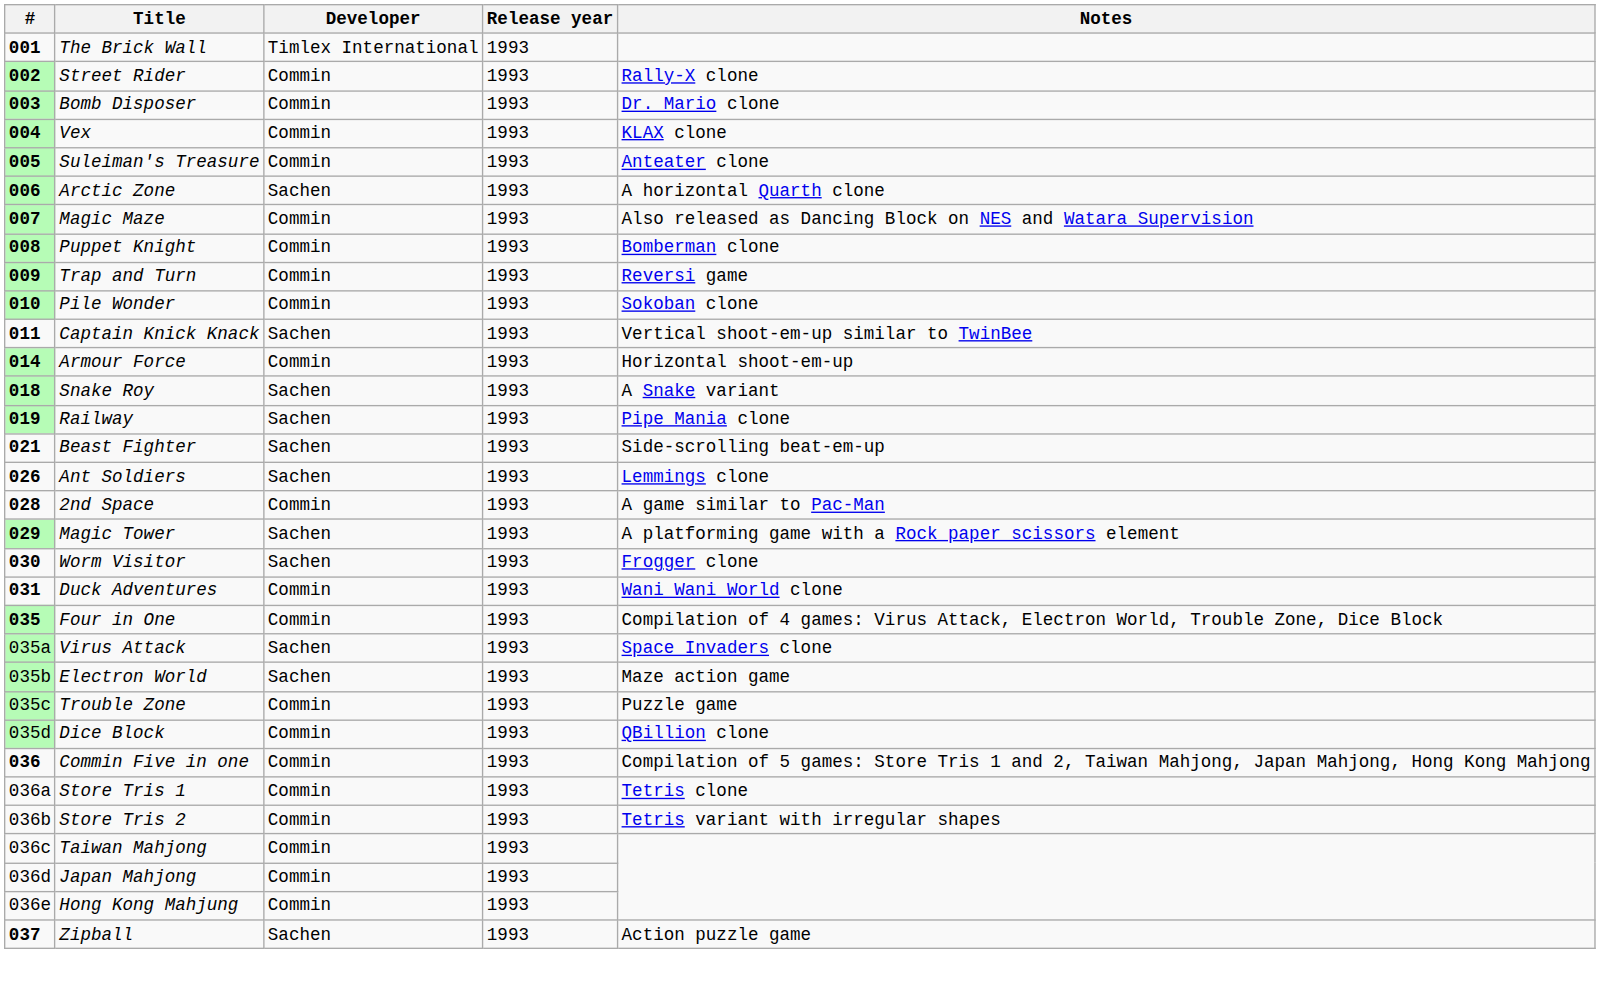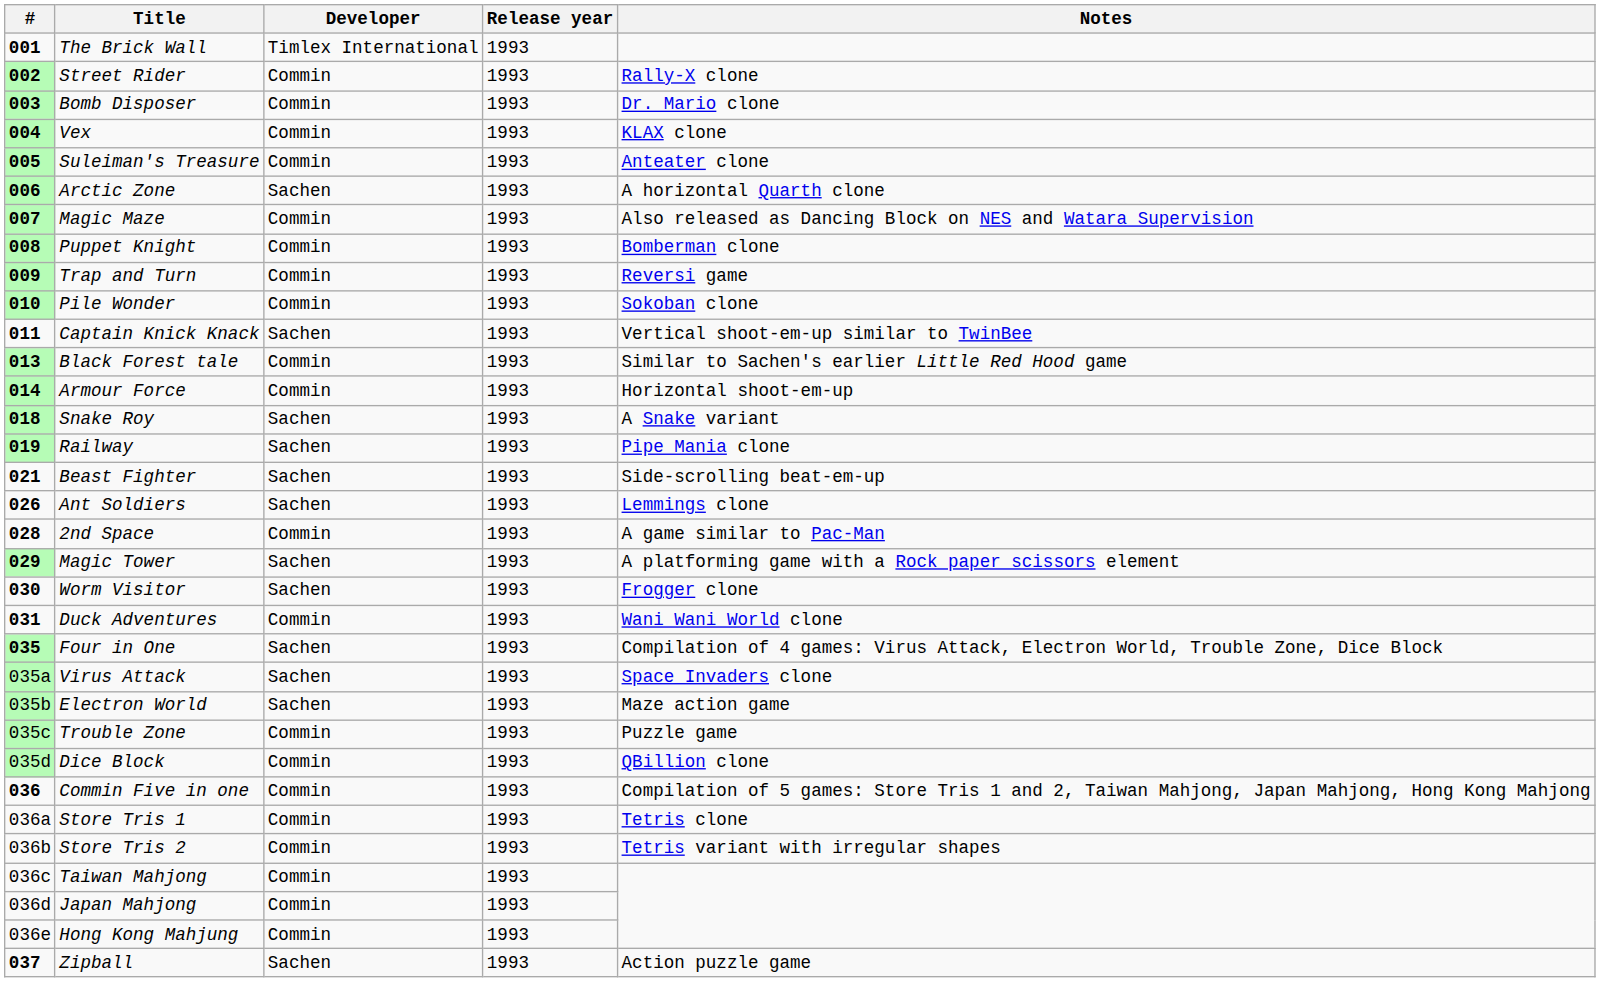 <table class="wikitable sortable" border="1">
 <tr>
 <th scope="col">#</th>
 <th scope="col">Title</th>
 <th scope="col">Developer</th>
 <th scope="col">Release year</th>
 <th scope="col">Notes</th>
 </tr>
 <tr>
 <td><strong>001</strong></td>
 <td><em>The Brick Wall</em></td>
 <td>Timlex International</td>
 <td>1993</td>
 </tr>
 <tr>
 <td style="background:#b6fcb6;"><strong>002</strong></td>
 <td><em>Street Rider</em></td>
 <td>Commin</td>
 <td>1993</td>
 <td><a href='#'>Rally-X</a> clone</td>
 </tr>
 <tr>
 <td style="background:#b6fcb6;"><strong>003</strong></td>
 <td><em>Bomb Disposer</em></td>
 <td>Commin</td>
 <td>1993</td>
 <td><a href='#'>Dr. Mario</a> clone</td>
 </tr>
 <tr>
 <td style="background:#b6fcb6;"><strong>004</strong></td>
 <td><em>Vex</em></td>
 <td>Commin</td>
 <td>1993</td>
 <td><a href='#'>KLAX</a> clone</td>
 </tr>
 <tr>
 <td style="background:#b6fcb6;"><strong>005</strong></td>
 <td><em>Suleiman's Treasure</em></td>
 <td>Commin</td>
 <td>1993</td>
 <td><a href='#'>Anteater</a> clone</td>
 </tr>
 <tr>
 <td style="background:#b6fcb6;"><strong>006</strong></td>
 <td><em>Arctic Zone</em></td>
 <td>Sachen</td>
 <td>1993</td>
 <td>A horizontal <a href='#'>Quarth</a> clone</td>
 </tr>
 <tr>
 <td style="background:#b6fcb6;"><strong>007</strong></td>
 <td><em>Magic Maze</em></td>
 <td>Commin</td>
 <td>1993</td>
 <td>Also released as Dancing Block on <a href='#'>NES</a> and <a href='#'>Watara Supervision</a></td>
 </tr>
 <tr>
 <td style="background:#b6fcb6;"><strong>008</strong></td>
 <td><em>Puppet Knight</em></td>
 <td>Commin</td>
 <td>1993</td>
 <td><a href='#'>Bomberman</a> clone</td>
 </tr>
 <tr>
 <td style="background:#b6fcb6;"><strong>009</strong></td>
 <td><em>Trap and Turn</em></td>
 <td>Commin</td>
 <td>1993</td>
 <td><a href='#'>Reversi</a> game</td>
 </tr>
 <tr>
 <td style="background:#b6fcb6;"><strong>010</strong></td>
 <td><em>Pile Wonder</em></td>
 <td>Commin</td>
 <td>1993</td>
 <td><a href='#'>Sokoban</a> clone</td>
 </tr>
 <tr>
 <td><strong>011</strong></td>
 <td><em>Captain Knick Knack</em></td>
 <td>Sachen</td>
 <td>1993</td>
 <td>Vertical shoot-em-up similar to <a href='#'>TwinBee</a></td>
 </tr>
 <tr>
+<td style="background:#b6fcb6;"><strong>013</strong></td>
+<td><em>Black Forest tale</em></td>
+<td>Commin</td>
+<td>1993</td>
+<td>Similar to Sachen's earlier <em>Little Red Hood</em> game</td>
+</tr>
+<tr>
 <td style="background:#b6fcb6;"><strong>014</strong></td>
 <td><em>Armour Force</em></td>
 <td>Commin</td>
 <td>1993</td>
 <td>Horizontal shoot-em-up</td>
 </tr>
 <tr>
 <td style="background:#b6fcb6;"><strong>018</strong></td>
 <td><em>Snake Roy</em></td>
 <td>Sachen</td>
 <td>1993</td>
 <td>A <a href='#'>Snake</a> variant</td>
 </tr>
 <tr>
 <td style="background:#b6fcb6;"><strong>019</strong></td>
 <td><em>Railway</em></td>
 <td>Sachen</td>
 <td>1993</td>
 <td><a href='#'>Pipe Mania</a> clone</td>
 </tr>
 <tr>
 <td><strong>021</strong></td>
 <td><em>Beast Fighter</em></td>
 <td>Sachen</td>
 <td>1993</td>
 <td>Side-scrolling beat-em-up</td>
 </tr>
 <tr>
 <td><strong>026</strong></td>
 <td><em>Ant Soldiers</em></td>
 <td>Sachen</td>
 <td>1993</td>
 <td><a href='#'>Lemmings</a> clone</td>
 </tr>
 <tr>
 <td><strong>028</strong></td>
 <td><em>2nd Space</em></td>
 <td>Commin</td>
 <td>1993</td>
 <td>A game similar to <a href='#'>Pac-Man</a></td>
 </tr>
 <tr>
 <td style="background:#b6fcb6;"><strong>029</strong></td>
 <td><em>Magic Tower</em></td>
 <td>Sachen</td>
 <td>1993</td>
 <td>A platforming game with a <a href='#'>Rock paper scissors</a> element</td>
 </tr>
 <tr>
 <td><strong>030</strong></td>
 <td><em>Worm Visitor</em></td>
 <td>Sachen</td>
 <td>1993</td>
 <td><a href='#'>Frogger</a> clone</td>
 </tr>
 <tr>
 <td><strong>031</strong></td>
 <td><em>Duck Adventures</em></td>
 <td>Commin</td>
 <td>1993</td>
 <td><a href='#'>Wani Wani World</a> clone</td>
 </tr>
 <tr>
 <td style="background:#b6fcb6;"><strong>035</strong></td>
 <td><em>Four in One</em></td>
-<td>Commin</td>
+<td>Sachen</td>
 <td>1993</td>
 <td>Compilation of 4 games: Virus Attack, Electron World, Trouble Zone, Dice Block</td>
 </tr>
 <tr>
 <td style="background:#b6fcb6;">035a</td>
 <td><em>Virus Attack</em></td>
 <td>Sachen</td>
 <td>1993</td>
 <td><a href='#'>Space Invaders</a> clone</td>
 </tr>
 <tr>
 <td style="background:#b6fcb6;">035b</td>
 <td><em> Electron World</em></td>
 <td>Sachen</td>
 <td>1993</td>
 <td>Maze action game</td>
 </tr>
 <tr>
 <td style="background:#b6fcb6;">035c</td>
 <td><em>Trouble Zone</em></td>
 <td>Commin</td>
 <td>1993</td>
 <td>Puzzle game</td>
 </tr>
 <tr>
 <td style="background:#b6fcb6;">035d</td>
 <td><em>Dice Block</em></td>
 <td>Commin</td>
 <td>1993</td>
 <td><a href='#'>QBillion</a> clone</td>
 </tr>
 <tr>
 <td><strong>036</strong></td>
 <td><em>Commin Five in one</em></td>
 <td>Commin</td>
 <td>1993</td>
 <td>Compilation of 5 games: Store Tris 1 and 2, Taiwan Mahjong, Japan Mahjong, Hong Kong Mahjong</td>
 </tr>
 <tr>
 <td>036a</td>
 <td><em>Store Tris 1</em></td>
 <td>Commin</td>
 <td>1993</td>
 <td><a href='#'>Tetris</a> clone</td>
 </tr>
 <tr>
 <td>036b</td>
 <td><em>Store Tris 2</em></td>
 <td>Commin</td>
 <td>1993</td>
 <td><a href='#'>Tetris</a> variant with irregular shapes</td>
 </tr>
 <tr>
 <td>036c</td>
 <td><em>Taiwan Mahjong</em></td>
 <td>Commin</td>
 <td>1993</td>
 </tr>
 <tr>
 <td>036d</td>
 <td><em>Japan Mahjong</em></td>
 <td>Commin</td>
 <td>1993</td>
 </tr>
 <tr>
 <td>036e</td>
 <td><em>Hong Kong Mahjung</em></td>
 <td>Commin</td>
 <td>1993</td>
 </tr>
 <tr>
 <td><strong>037</strong></td>
 <td><em>Zipball</em></td>
 <td>Sachen</td>
 <td>1993</td>
 <td>Action puzzle game</td>
 </tr>
 </table>
